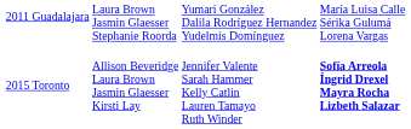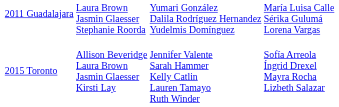 <table>
 <tr>
 <td><a href='#'>2011 Guadalajara</a><br></td>
 <td><br><a href='#'>Laura Brown</a><br><a href='#'>Jasmin Glaesser</a><br><a href='#'>Stephanie Roorda</a></td>
 <td><br><a href='#'>Yumari González</a><br><a href='#'>Dalila Rodríguez Hernandez</a><br><a href='#'>Yudelmis Domínguez</a></td>
 <td><br><a href='#'>María Luisa Calle</a><br><a href='#'>Sérika Gulumá</a><br><a href='#'>Lorena Vargas</a></td>
 </tr>
 <tr>
 <td><a href='#'>2015 Toronto</a><br></td>
 <td><br><a href='#'>Allison Beveridge</a><br><a href='#'>Laura Brown</a><br><a href='#'>Jasmin Glaesser</a><br><a href='#'>Kirsti Lay</a><br><br></td>
 <td><br><a href='#'>Jennifer Valente</a><br><a href='#'>Sarah Hammer</a><br><a href='#'>Kelly Catlin</a><br><a href='#'>Lauren Tamayo</a><br><a href='#'>Ruth Winder</a></td>
-<td><strong><br><a href='#'>Sofía Arreola</a><br><a href='#'>Íngrid Drexel</a><br><a href='#'>Mayra Rocha</a><br><a href='#'>Lizbeth Salazar</a><br><br></strong></td>
+<td><br><a href='#'>Sofía Arreola</a><br><a href='#'>Íngrid Drexel</a><br><a href='#'>Mayra Rocha</a><br><a href='#'>Lizbeth Salazar</a><br><br></td>
 </tr>
 </table>
